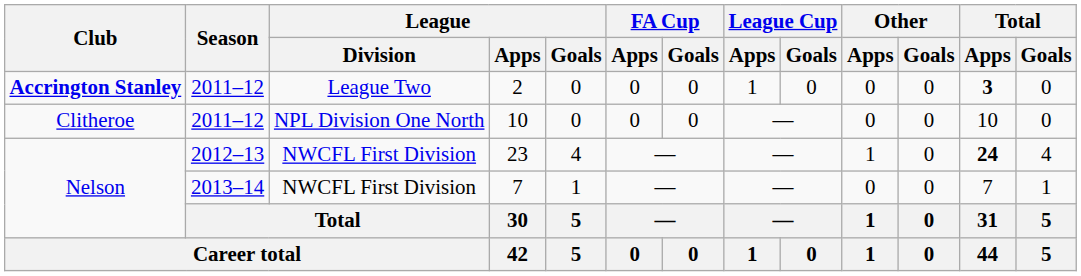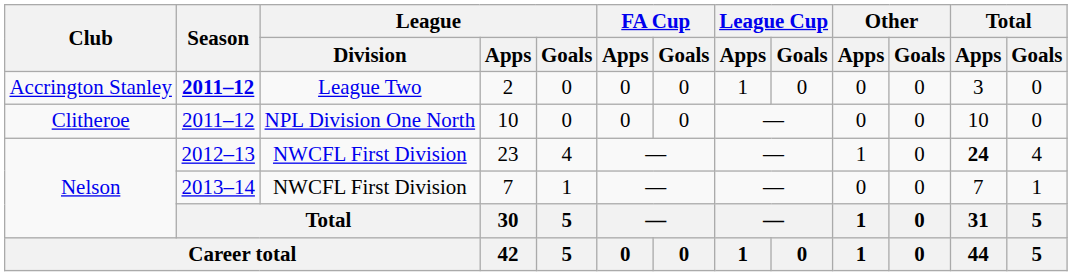 <table class="wikitable" style="text-align: center;">
 <tr>
 <th rowspan="2">Club</th>
 <th rowspan="2">Season</th>
 <th colspan="3">League</th>
 <th colspan="2"><a href='#'>FA Cup</a></th>
 <th colspan="2"><a href='#'>League Cup</a></th>
 <th colspan="2">Other</th>
 <th colspan="2">Total</th>
 </tr>
 <tr>
 <th>Division</th>
 <th>Apps</th>
 <th>Goals</th>
 <th>Apps</th>
 <th>Goals</th>
 <th>Apps</th>
 <th>Goals</th>
 <th>Apps</th>
 <th>Goals</th>
 <th>Apps</th>
 <th>Goals</th>
 </tr>
 <tr>
-<td rowspan="1"><strong><a href='#'>Accrington Stanley</a></strong></td>
-<td><a href='#'>2011–12</a></td>
+<td rowspan="1"><a href='#'>Accrington Stanley</a></td>
+<td><strong><a href='#'>2011–12</a></strong></td>
 <td><a href='#'>League Two</a></td>
 <td>2</td>
 <td>0</td>
 <td>0</td>
 <td>0</td>
 <td>1</td>
 <td>0</td>
 <td>0</td>
 <td>0</td>
-<td><strong>3</strong></td>
+<td>3</td>
 <td>0</td>
 </tr>
 <tr>
 <td rowspan="1"><a href='#'>Clitheroe</a></td>
 <td><a href='#'>2011–12</a></td>
 <td><a href='#'>NPL Division One North</a></td>
 <td>10</td>
 <td>0</td>
 <td>0</td>
 <td>0</td>
 <td colspan="2">—</td>
 <td>0</td>
 <td>0</td>
 <td>10</td>
 <td>0</td>
 </tr>
 <tr>
 <td rowspan="3"><a href='#'>Nelson</a></td>
 <td><a href='#'>2012–13</a></td>
 <td><a href='#'>NWCFL First Division</a></td>
 <td>23</td>
 <td>4</td>
 <td colspan="2">—</td>
 <td colspan="2">—</td>
 <td>1</td>
 <td>0</td>
 <td><strong>24</strong></td>
 <td>4</td>
 </tr>
 <tr>
 <td><a href='#'>2013–14</a></td>
 <td>NWCFL First Division</td>
 <td>7</td>
 <td>1</td>
 <td colspan="2">—</td>
 <td colspan="2">—</td>
 <td>0</td>
 <td>0</td>
 <td>7</td>
 <td>1</td>
 </tr>
 <tr>
 <th colspan="2">Total</th>
 <th>30</th>
 <th>5</th>
 <th colspan="2">—</th>
 <th colspan="2">—</th>
 <th>1</th>
 <th>0</th>
 <th>31</th>
 <th>5</th>
 </tr>
 <tr>
 <th colspan="3">Career total</th>
 <th>42</th>
 <th>5</th>
 <th>0</th>
 <th>0</th>
 <th>1</th>
 <th>0</th>
 <th>1</th>
 <th>0</th>
 <th>44</th>
 <th>5</th>
 </tr>
 </table>
